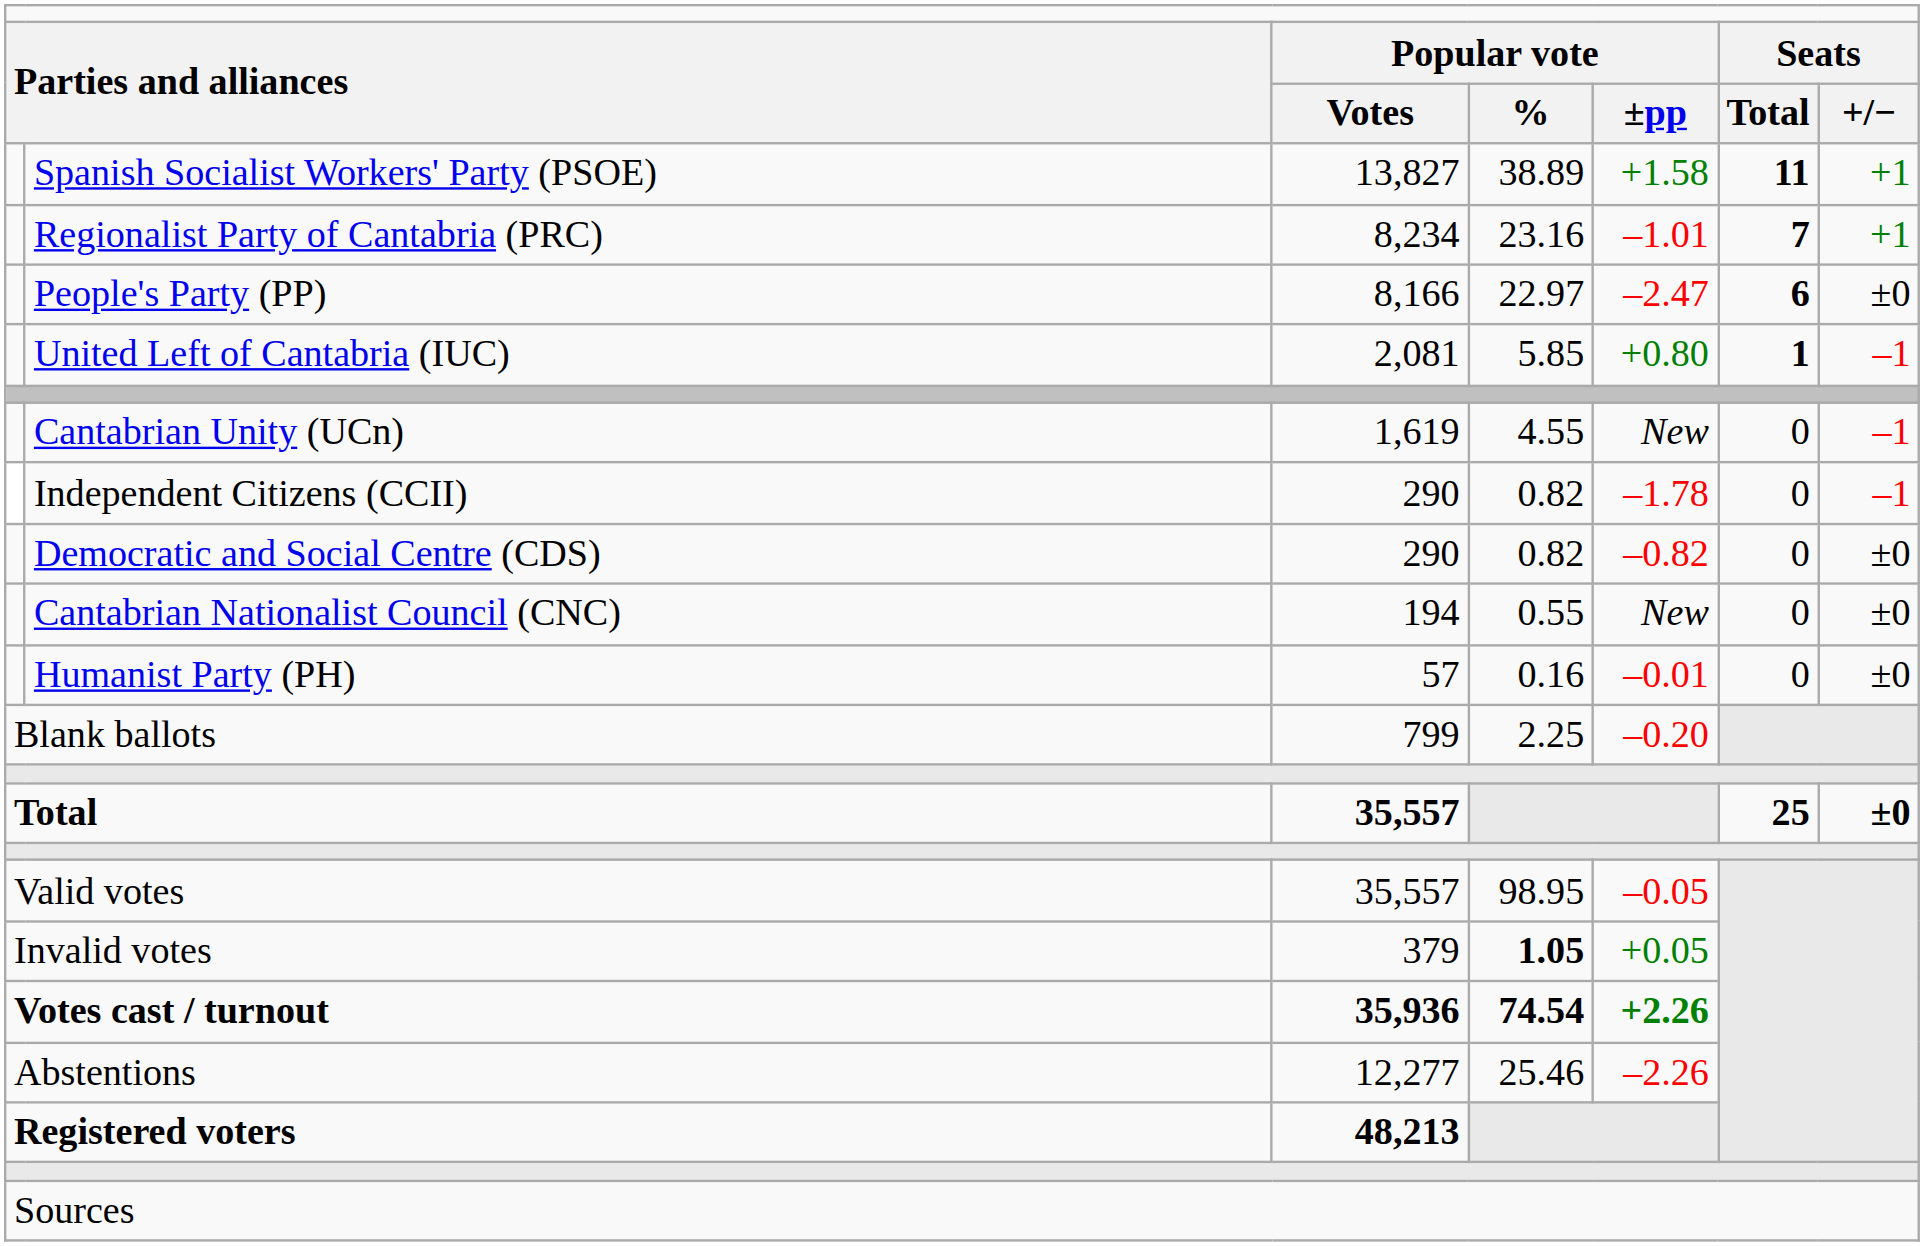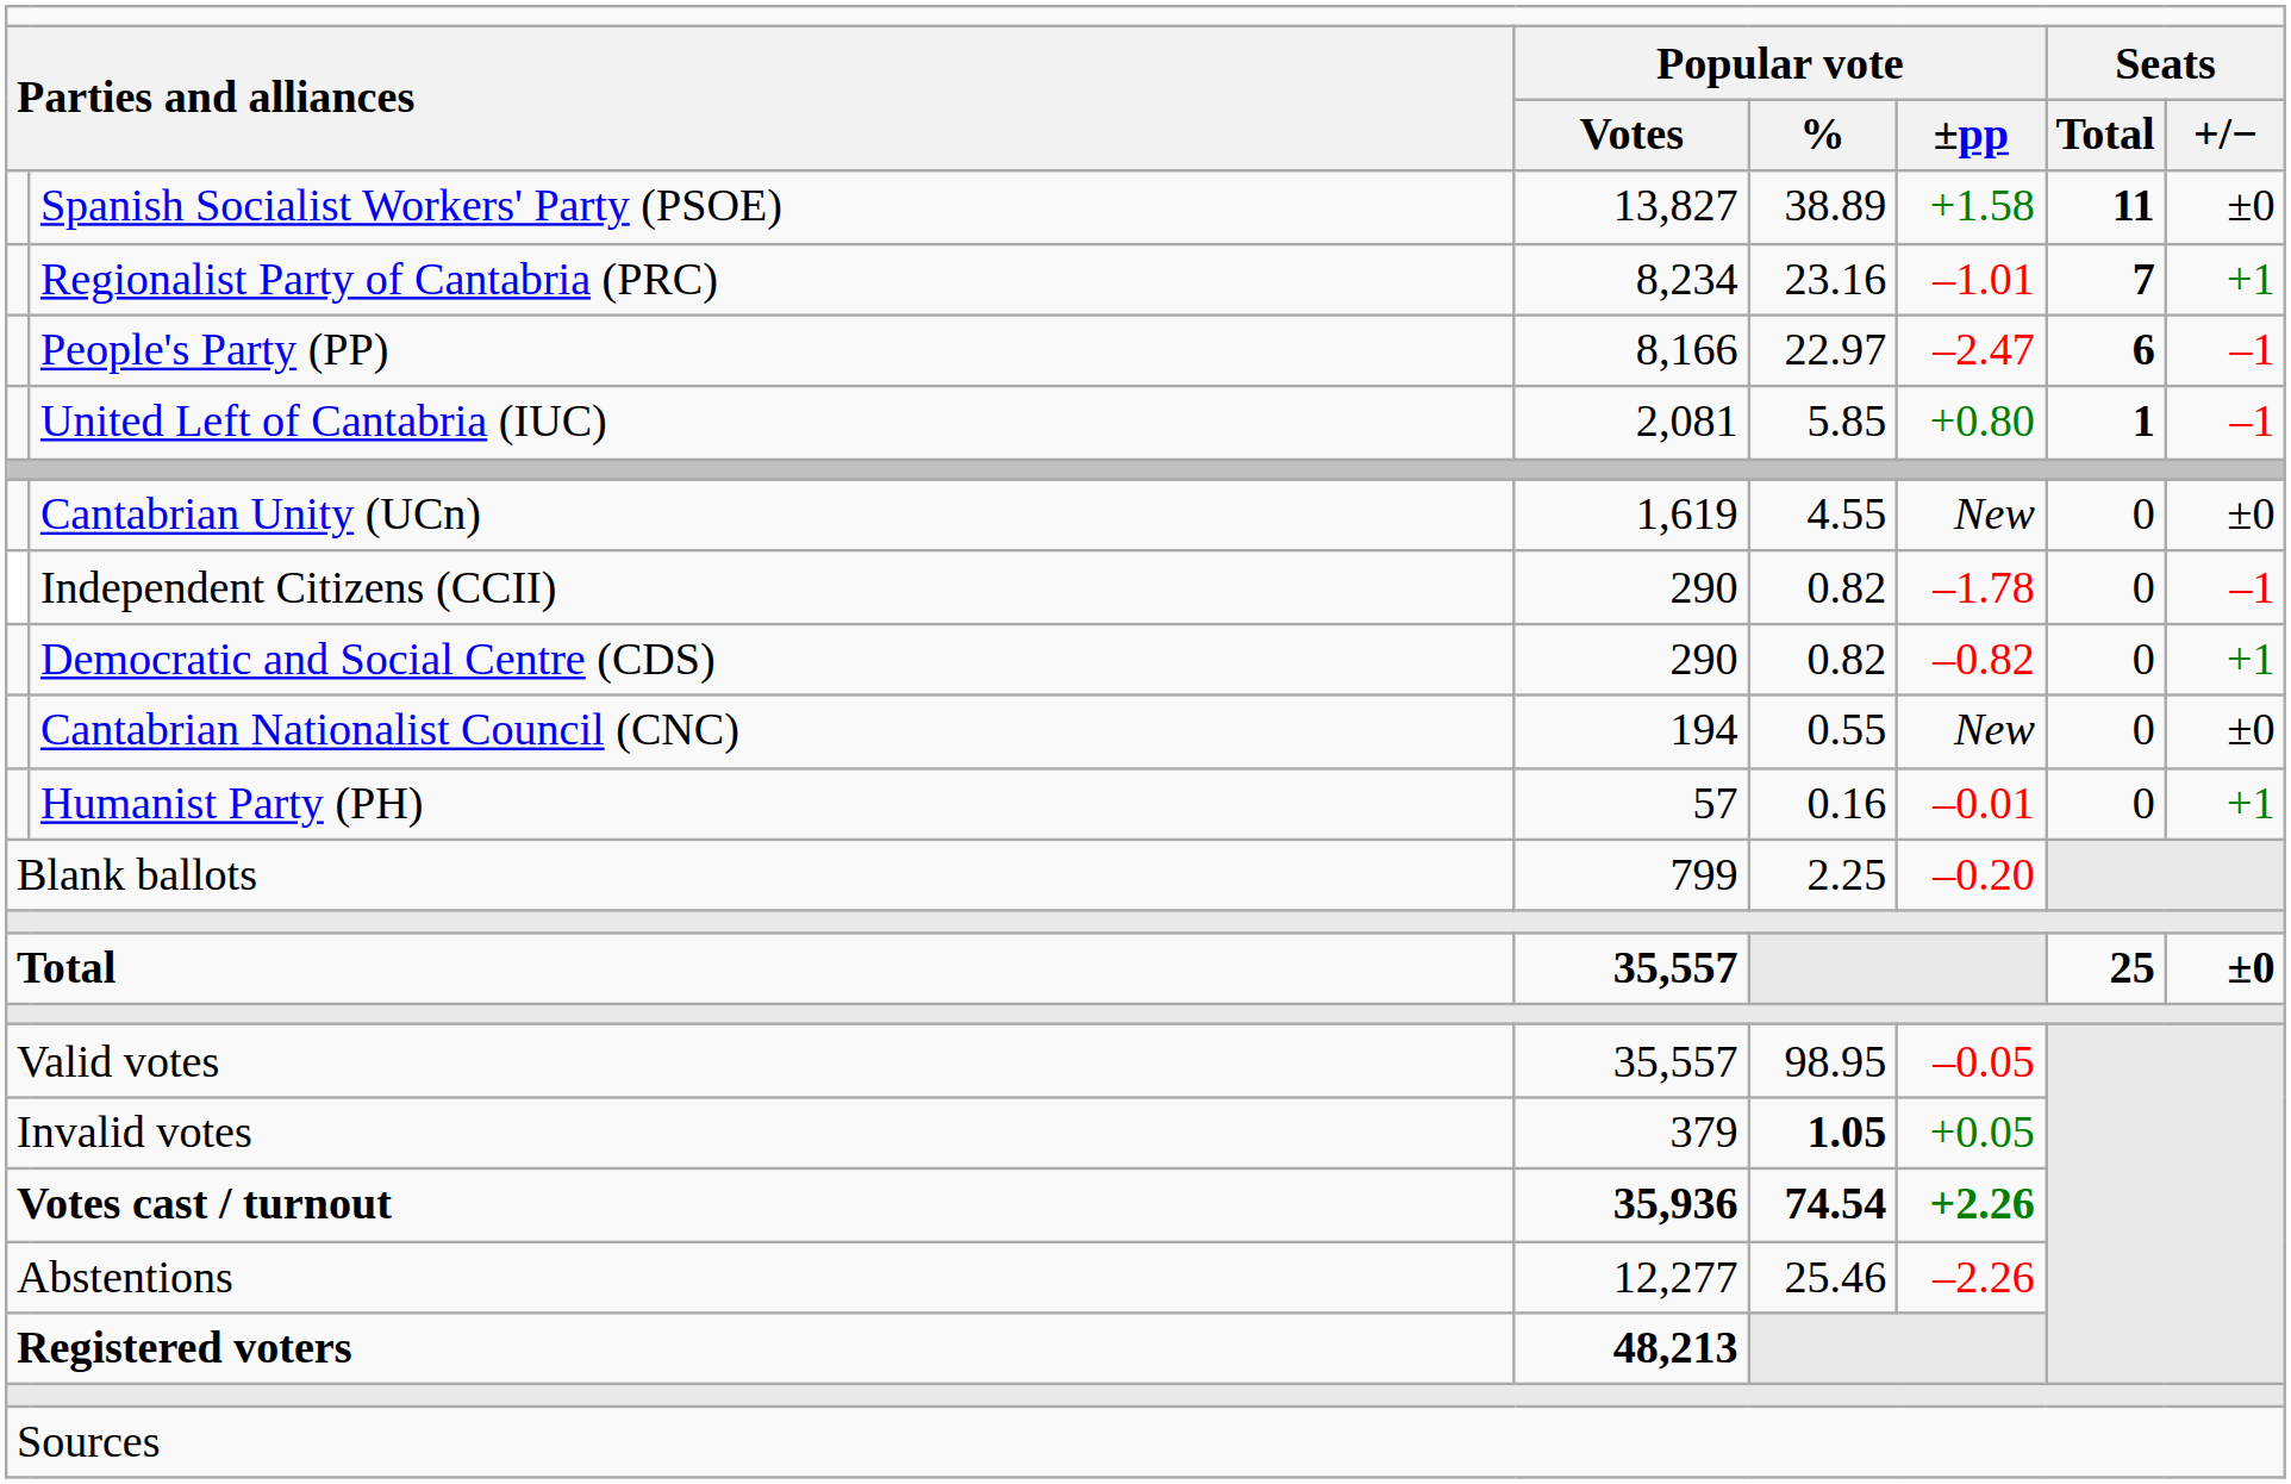 <table class="wikitable" style="text-align:right;">
 <tr>
 <td colspan="7"></td>
 </tr>
 <tr>
 <th style="text-align:left;" rowspan="2" colspan="2" width="525">Parties and alliances</th>
 <th colspan="3">Popular vote</th>
 <th colspan="2">Seats</th>
 </tr>
 <tr>
 <th width="75">Votes</th>
 <th width="45">%</th>
 <th width="45">±<a href='#'>pp</a></th>
 <th width="35">Total</th>
 <th width="35">+/−</th>
 </tr>
 <tr>
 <td width="1" style="color:inherit;background:"></td>
 <td align="left"><a href='#'>Spanish Socialist Workers' Party</a> (PSOE)</td>
 <td>13,827</td>
 <td>38.89</td>
 <td style="color:green;">+1.58</td>
 <td><strong>11</strong></td>
-<td style="color:green;">+1</td>
+<td>±0</td>
 </tr>
 <tr>
 <td style="color:inherit;background:"></td>
 <td align="left"><a href='#'>Regionalist Party of Cantabria</a> (PRC)</td>
 <td>8,234</td>
 <td>23.16</td>
 <td style="color:red;">–1.01</td>
 <td><strong>7</strong></td>
 <td style="color:green;">+1</td>
 </tr>
 <tr>
 <td style="color:inherit;background:"></td>
 <td align="left"><a href='#'>People's Party</a> (PP)</td>
 <td>8,166</td>
 <td>22.97</td>
 <td style="color:red;">–2.47</td>
 <td><strong>6</strong></td>
-<td>±0</td>
+<td style="color:red;">–1</td>
 </tr>
 <tr>
 <td style="color:inherit;background:"></td>
 <td align="left"><a href='#'>United Left of Cantabria</a> (IUC)</td>
 <td>2,081</td>
 <td>5.85</td>
 <td style="color:green;">+0.80</td>
 <td><strong>1</strong></td>
 <td style="color:red;">–1</td>
 </tr>
 <tr>
 <td colspan="7" bgcolor="#C0C0C0"></td>
 </tr>
 <tr>
 <td style="color:inherit;background:"></td>
 <td align="left"><a href='#'>Cantabrian Unity</a> (UCn)</td>
 <td>1,619</td>
 <td>4.55</td>
 <td><em>New</em></td>
 <td>0</td>
-<td style="color:red;">–1</td>
+<td>±0</td>
 </tr>
 <tr>
 <td bgcolor="white"></td>
 <td align="left">Independent Citizens (CCII)</td>
 <td>290</td>
 <td>0.82</td>
 <td style="color:red;">–1.78</td>
 <td>0</td>
 <td style="color:red;">–1</td>
 </tr>
 <tr>
 <td style="color:inherit;background:"></td>
 <td align="left"><a href='#'>Democratic and Social Centre</a> (CDS)</td>
 <td>290</td>
 <td>0.82</td>
 <td style="color:red;">–0.82</td>
 <td>0</td>
-<td>±0</td>
+<td style="color:green;">+1</td>
 </tr>
 <tr>
 <td style="color:inherit;background:"></td>
 <td align="left"><a href='#'>Cantabrian Nationalist Council</a> (CNC)</td>
 <td>194</td>
 <td>0.55</td>
 <td><em>New</em></td>
 <td>0</td>
 <td>±0</td>
 </tr>
 <tr>
 <td style="color:inherit;background:"></td>
 <td align="left"><a href='#'>Humanist Party</a> (PH)</td>
 <td>57</td>
 <td>0.16</td>
 <td style="color:red;">–0.01</td>
 <td>0</td>
-<td>±0</td>
+<td style="color:green;">+1</td>
 </tr>
 <tr>
 <td align="left" colspan="2">Blank ballots</td>
 <td>799</td>
 <td>2.25</td>
 <td style="color:red;">–0.20</td>
 <td bgcolor="#E9E9E9" colspan="2"></td>
 </tr>
 <tr>
 <td colspan="7" bgcolor="#E9E9E9"></td>
 </tr>
 <tr style="font-weight:bold;">
 <td align="left" colspan="2">Total</td>
 <td>35,557</td>
 <td bgcolor="#E9E9E9" colspan="2"></td>
 <td>25</td>
 <td>±0</td>
 </tr>
 <tr>
 <td colspan="7" bgcolor="#E9E9E9"></td>
 </tr>
 <tr>
 <td align="left" colspan="2">Valid votes</td>
 <td>35,557</td>
 <td>98.95</td>
 <td style="color:red;">–0.05</td>
 <td bgcolor="#E9E9E9" colspan="2" rowspan="5"></td>
 </tr>
 <tr>
 <td align="left" colspan="2">Invalid votes</td>
 <td>379</td>
 <td><strong>1.05</strong></td>
 <td style="color:green;">+0.05</td>
 </tr>
 <tr style="font-weight:bold;">
 <td align="left" colspan="2">Votes cast / turnout</td>
 <td>35,936</td>
 <td>74.54</td>
 <td style="color:green;">+2.26</td>
 </tr>
 <tr>
 <td align="left" colspan="2">Abstentions</td>
 <td>12,277</td>
 <td>25.46</td>
 <td style="color:red;">–2.26</td>
 </tr>
 <tr style="font-weight:bold;">
 <td align="left" colspan="2">Registered voters</td>
 <td>48,213</td>
 <td bgcolor="#E9E9E9" colspan="2"></td>
 </tr>
 <tr>
 <td colspan="7" bgcolor="#E9E9E9"></td>
 </tr>
 <tr>
 <td align="left" colspan="7">Sources</td>
 </tr>
 </table>
